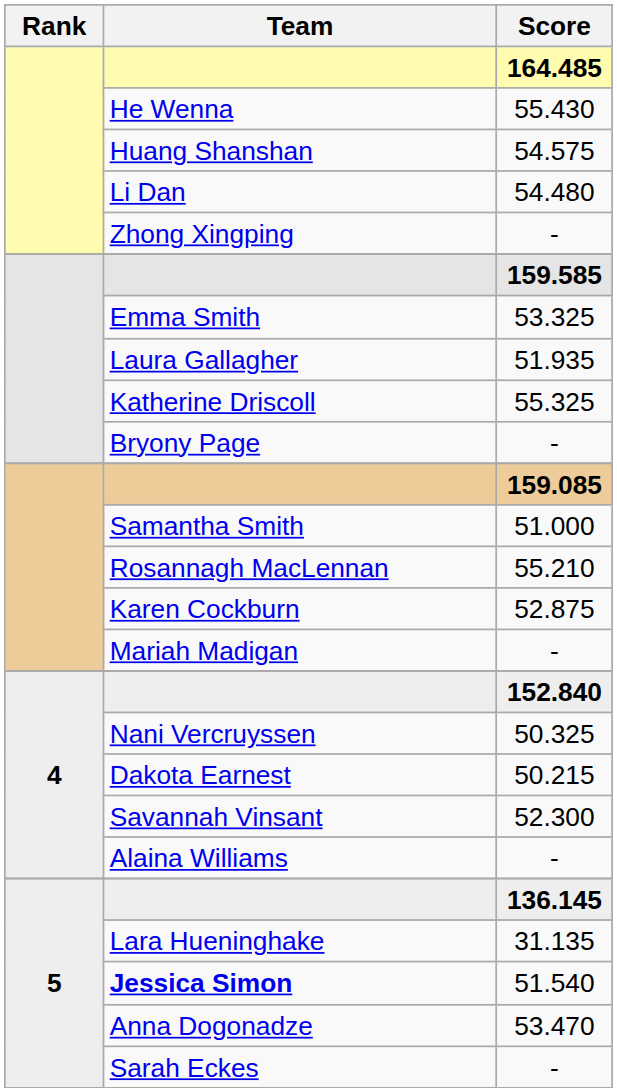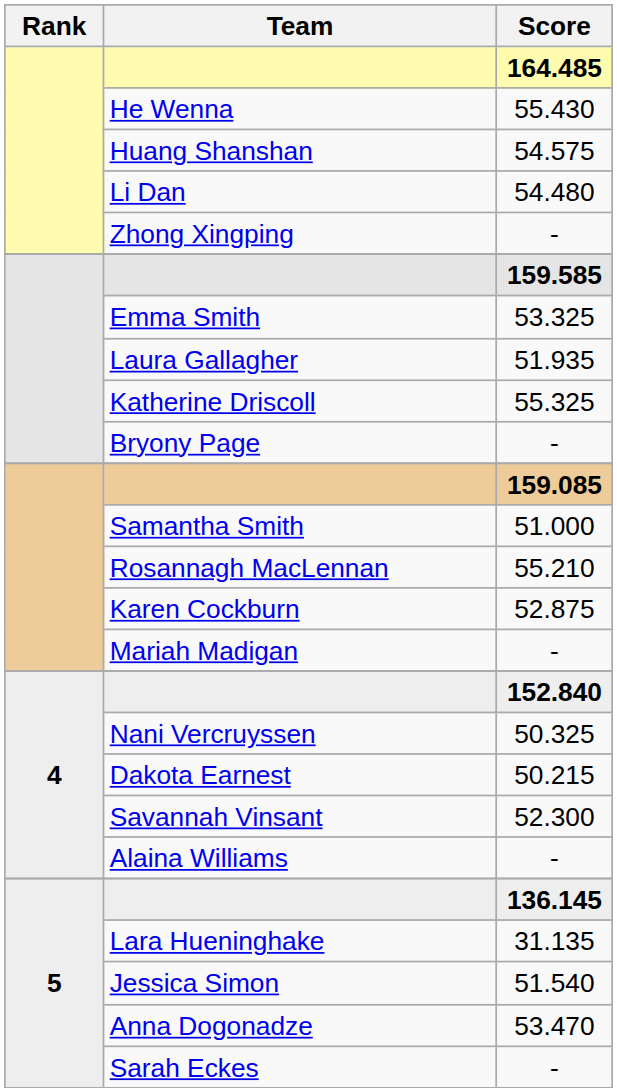 <table class="wikitable" style="text-align:center; font-size:95%">
 <tr>
 <th style="width:50px;">Rank</th>
 <th style="width:220px;">Team</th>
 <th style="width:60px;">Score</th>
 </tr>
 <tr style="background:#fffcaf;">
 <td rowspan=5></td>
 <td style="text-align:left;"><strong></strong></td>
 <td><strong>164.485</strong></td>
 </tr>
 <tr>
 <td style="text-align:left;"><a href='#'>He Wenna</a></td>
 <td>55.430</td>
 </tr>
 <tr>
 <td style="text-align:left;"><a href='#'>Huang Shanshan</a></td>
 <td>54.575</td>
 </tr>
 <tr>
 <td style="text-align:left;"><a href='#'>Li Dan</a></td>
 <td>54.480</td>
 </tr>
 <tr>
 <td style="text-align:left;"><a href='#'>Zhong Xingping</a></td>
 <td>-</td>
 </tr>
 <tr>
 </tr>
 <tr style="background:#e5e5e5;">
 <td rowspan=5></td>
 <td style="text-align:left;"><strong></strong></td>
 <td><strong>159.585</strong></td>
 </tr>
 <tr>
 <td style="text-align:left;"><a href='#'>Emma Smith</a></td>
 <td>53.325</td>
 </tr>
 <tr>
 <td style="text-align:left;"><a href='#'>Laura Gallagher</a></td>
 <td>51.935</td>
 </tr>
 <tr>
 <td style="text-align:left;"><a href='#'>Katherine Driscoll</a></td>
 <td>55.325</td>
 </tr>
 <tr>
 <td style="text-align:left;"><a href='#'>Bryony Page</a></td>
 <td>-</td>
 </tr>
 <tr>
 </tr>
 <tr style="background:#ec9;">
 <td rowspan=5></td>
 <td style="text-align:left;"><strong></strong></td>
 <td><strong>159.085</strong></td>
 </tr>
 <tr>
 <td style="text-align:left;"><a href='#'>Samantha Smith</a></td>
 <td>51.000</td>
 </tr>
 <tr>
 <td style="text-align:left;"><a href='#'>Rosannagh MacLennan</a></td>
 <td>55.210</td>
 </tr>
 <tr>
 <td style="text-align:left;"><a href='#'>Karen Cockburn</a></td>
 <td>52.875</td>
 </tr>
 <tr>
 <td style="text-align:left;"><a href='#'>Mariah Madigan</a></td>
 <td>-</td>
 </tr>
 <tr>
 </tr>
 <tr style="background:#eee;">
 <td rowspan=5><strong>4</strong></td>
 <td style="text-align:left;"><strong></strong></td>
 <td><strong>152.840</strong></td>
 </tr>
 <tr>
 <td style="text-align:left;"><a href='#'>Nani Vercruyssen</a></td>
 <td>50.325</td>
 </tr>
 <tr>
 <td style="text-align:left;"><a href='#'>Dakota Earnest</a></td>
 <td>50.215</td>
 </tr>
 <tr>
 <td style="text-align:left;"><a href='#'>Savannah Vinsant</a></td>
 <td>52.300</td>
 </tr>
 <tr>
 <td style="text-align:left;"><a href='#'>Alaina Williams</a></td>
 <td>-</td>
 </tr>
 <tr>
 </tr>
 <tr style="background:#eee;">
 <td rowspan=5><strong>5</strong></td>
 <td style="text-align:left;"><strong></strong></td>
 <td><strong>136.145</strong></td>
 </tr>
 <tr>
 <td style="text-align:left;"><a href='#'>Lara Hueninghake</a></td>
 <td>31.135</td>
 </tr>
 <tr>
-<td style="text-align:left;"><strong><a href='#'>Jessica Simon</a></strong></td>
+<td style="text-align:left;"><a href='#'>Jessica Simon</a></td>
 <td>51.540</td>
 </tr>
 <tr>
 <td style="text-align:left;"><a href='#'>Anna Dogonadze</a></td>
 <td>53.470</td>
 </tr>
 <tr>
 <td style="text-align:left;"><a href='#'>Sarah Eckes</a></td>
 <td>-</td>
 </tr>
 </table>
